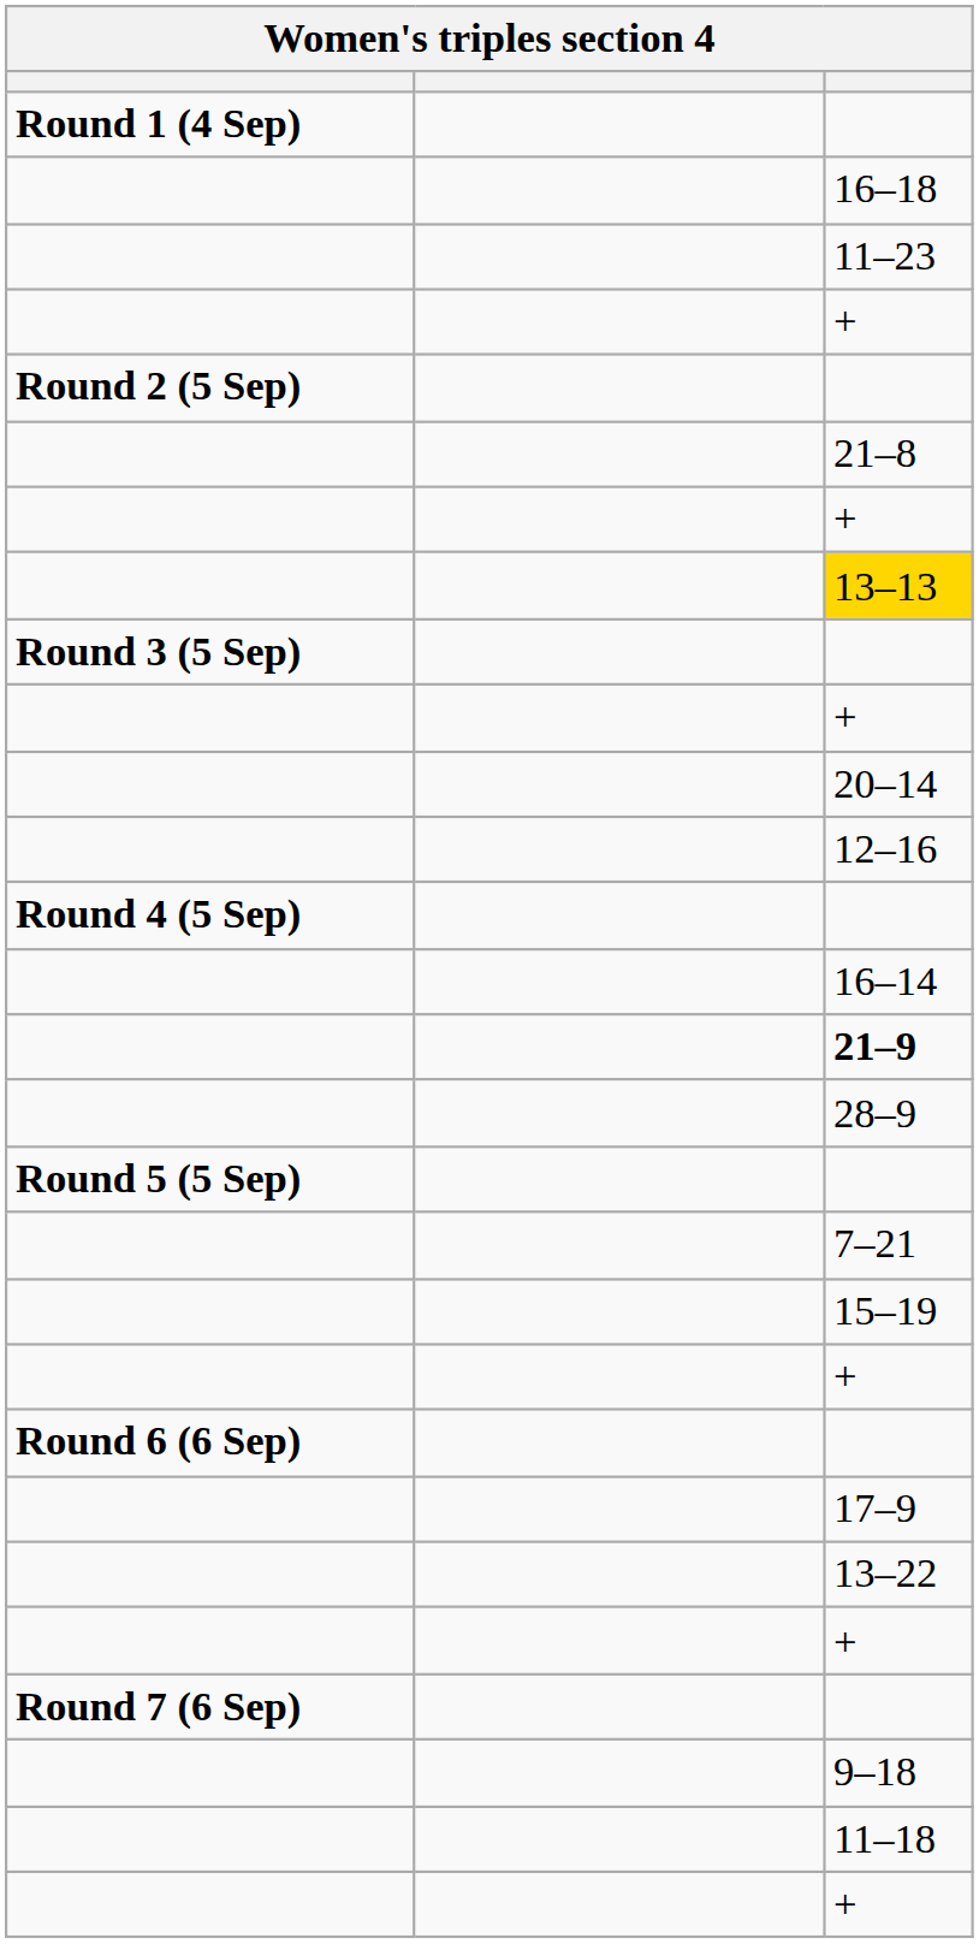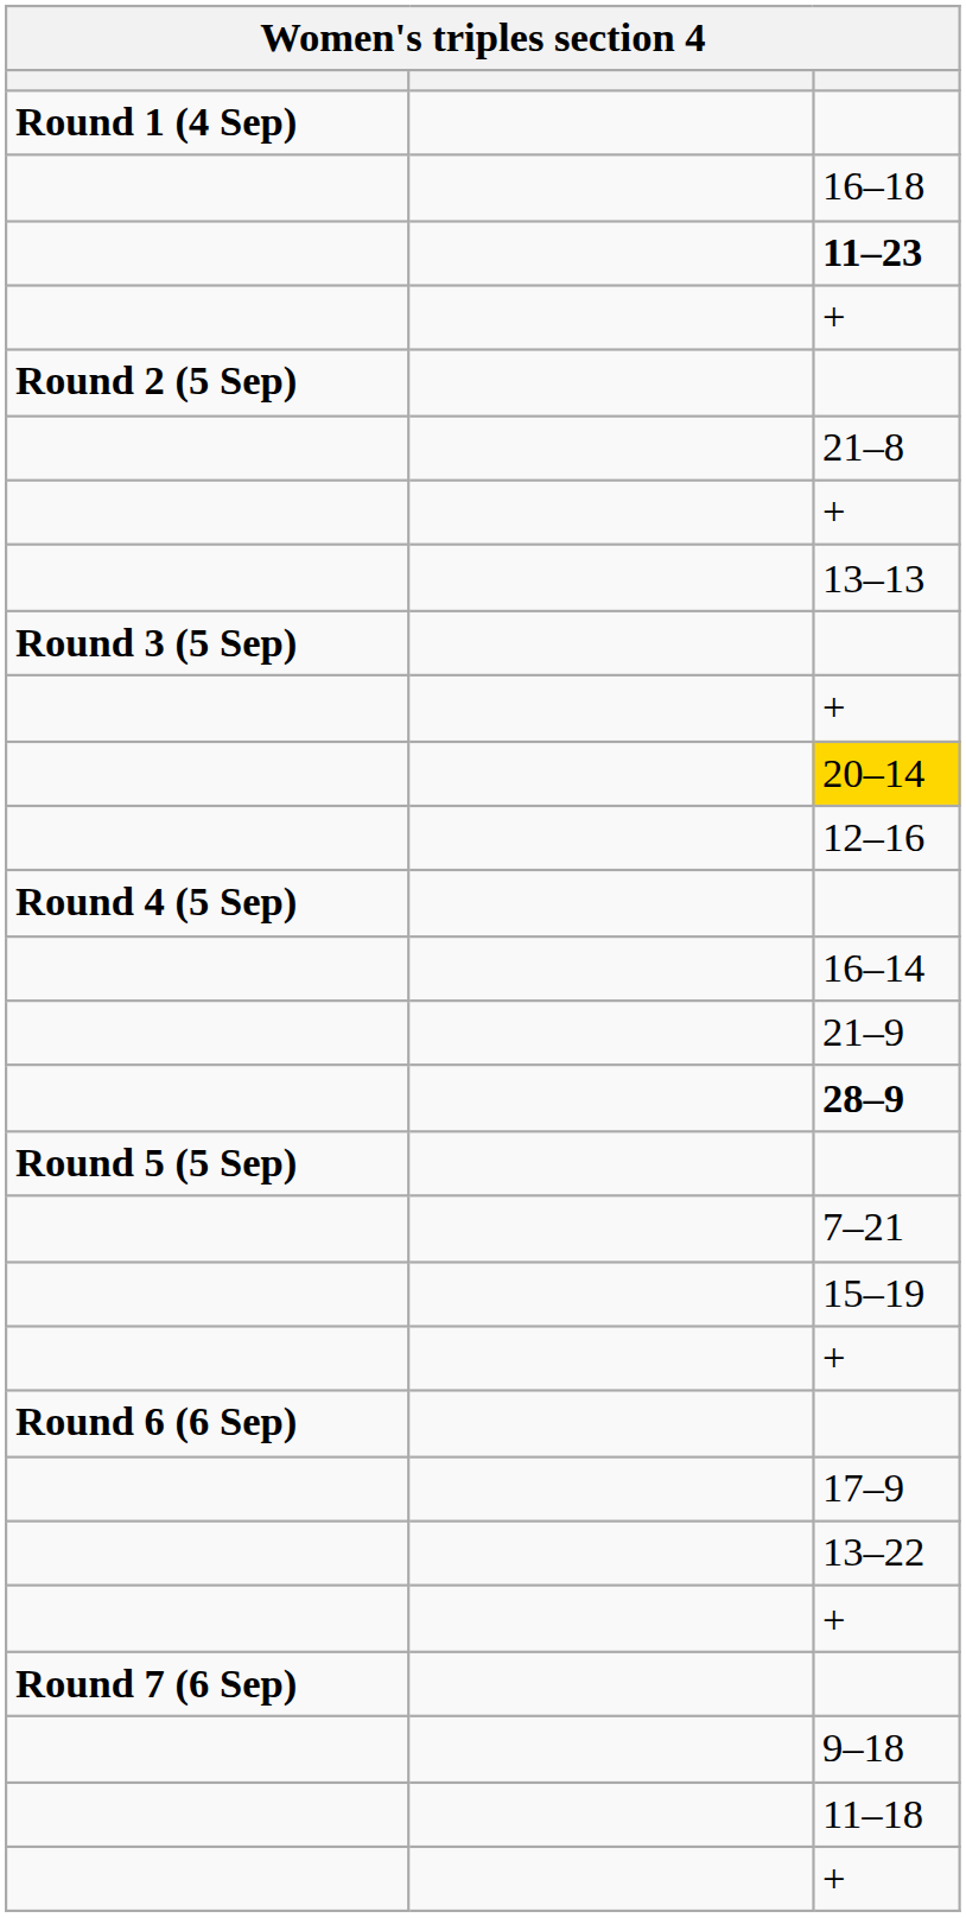 <table class="wikitable">
 <tr>
 <th colspan="3">Women's triples section 4</th>
 </tr>
 <tr>
 <th width=150></th>
 <th width=150></th>
 <th width=50></th>
 </tr>
 <tr>
 <td><strong>Round 1 (4 Sep)</strong></td>
 <td></td>
 <td></td>
 </tr>
 <tr>
 <td></td>
 <td></td>
 <td>16–18</td>
 </tr>
 <tr>
 <td></td>
 <td></td>
-<td>11–23</td>
+<td><strong>11–23</strong></td>
 </tr>
 <tr>
 <td></td>
 <td></td>
 <td>+</td>
 </tr>
 <tr>
 <td><strong>Round 2 (5 Sep)</strong></td>
 <td></td>
 <td></td>
 </tr>
 <tr>
 <td></td>
 <td></td>
 <td>21–8</td>
 </tr>
 <tr>
 <td></td>
 <td></td>
 <td>+</td>
 </tr>
 <tr>
 <td></td>
 <td></td>
-<td style="background: gold;">13–13</td>
+<td>13–13</td>
 </tr>
 <tr>
 <td><strong>Round 3 (5 Sep)</strong></td>
 <td></td>
 <td></td>
 </tr>
 <tr>
 <td></td>
 <td></td>
 <td>+</td>
 </tr>
 <tr>
 <td></td>
 <td></td>
-<td>20–14</td>
+<td style="background: gold;">20–14</td>
 </tr>
 <tr>
 <td></td>
 <td></td>
 <td>12–16</td>
 </tr>
 <tr>
 <td><strong>Round 4 (5 Sep)</strong></td>
 <td></td>
 <td></td>
 </tr>
 <tr>
 <td></td>
 <td></td>
 <td>16–14</td>
 </tr>
 <tr>
 <td></td>
 <td></td>
-<td><strong>21–9</strong></td>
+<td>21–9</td>
 </tr>
 <tr>
 <td></td>
 <td></td>
-<td>28–9</td>
+<td><strong>28–9</strong></td>
 </tr>
 <tr>
 <td><strong>Round 5 (5 Sep)</strong></td>
 <td></td>
 <td></td>
 </tr>
 <tr>
 <td></td>
 <td></td>
 <td>7–21</td>
 </tr>
 <tr>
 <td></td>
 <td></td>
 <td>15–19</td>
 </tr>
 <tr>
 <td></td>
 <td></td>
 <td>+</td>
 </tr>
 <tr>
 <td><strong>Round 6  (6 Sep)</strong></td>
 <td></td>
 <td></td>
 </tr>
 <tr>
 <td></td>
 <td></td>
 <td>17–9</td>
 </tr>
 <tr>
 <td></td>
 <td></td>
 <td>13–22</td>
 </tr>
 <tr>
 <td></td>
 <td></td>
 <td>+</td>
 </tr>
 <tr>
 <td><strong>Round 7 (6 Sep)</strong></td>
 <td></td>
 <td></td>
 </tr>
 <tr>
 <td></td>
 <td></td>
 <td>9–18</td>
 </tr>
 <tr>
 <td></td>
 <td></td>
 <td>11–18</td>
 </tr>
 <tr>
 <td></td>
 <td></td>
 <td>+</td>
 </tr>
 </table>
